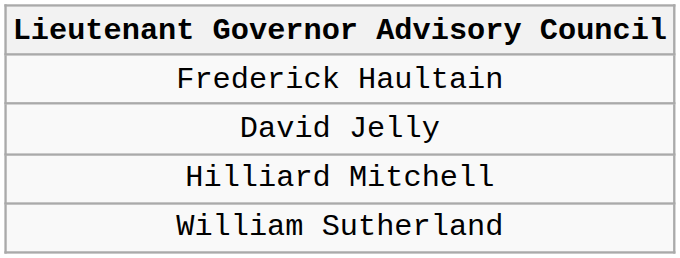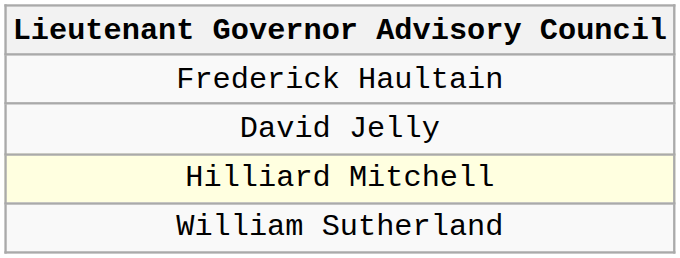 <table class="wikitable" align=right>
 <tr>
 <th>Lieutenant Governor Advisory Council</th>
 </tr>
 <tr>
 <td align=center>Frederick Haultain</td>
 </tr>
 <tr>
 <td align=center>David Jelly</td>
 </tr>
 <tr>
-<td align=center>Hilliard Mitchell</td>
+<td align=center style="background: lightyellow;">Hilliard Mitchell</td>
 </tr>
 <tr>
 <td align=center>William Sutherland</td>
 </tr>
 </table>
